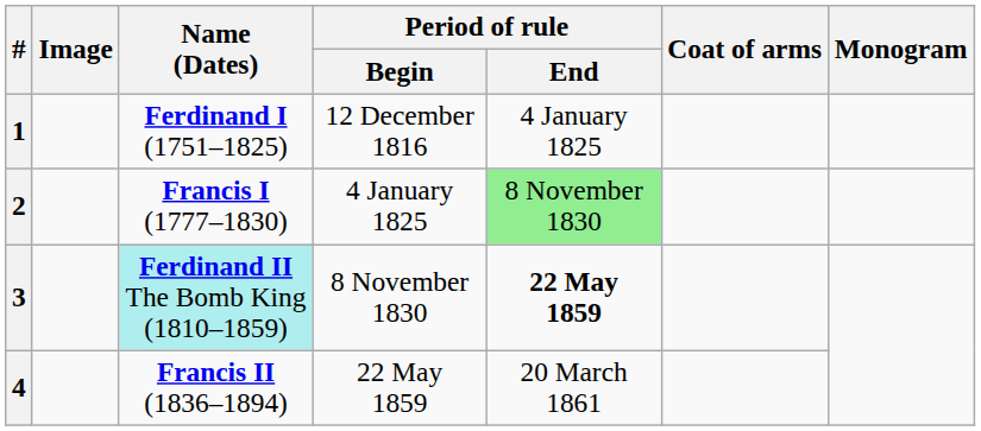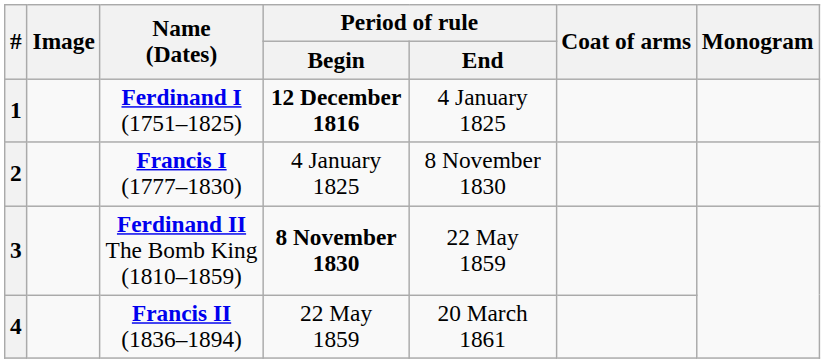 <table class="wikitable sortable" style="text-align:center;">
 <tr>
 <th scope="col" rowspan="2">#</th>
 <th scope="col" rowspan="2" class="unsortable">Image</th>
 <th scope="col" rowspan="2">Name<br>(Dates)</th>
 <th scope="col" colspan="2">Period of rule</th>
 <th scope="col" rowspan="2" class="unsortable">Coat of arms</th>
 <th scope="col" rowspan="2" class="unsortable">Monogram</th>
 </tr>
 <tr>
 <th scope="col" width="18%">Begin</th>
 <th scope="col" width="18%">End</th>
 </tr>
 <tr>
 <th scope="row">1</th>
 <td></td>
 <td><strong><a href='#'>Ferdinand I</a></strong><br>(1751–1825)</td>
-<td>12 December<br>1816</td>
+<td><strong>12 December<br>1816</strong></td>
 <td>4 January<br>1825</td>
 <td align="center"></td>
 </tr>
 <tr>
 <th scope="row">2</th>
 <td></td>
 <td><strong><a href='#'>Francis I</a></strong><br>(1777–1830)</td>
 <td>4 January<br>1825</td>
-<td style="background: lightgreen;">8 November<br>1830</td>
+<td>8 November<br>1830</td>
 <td align="center"></td>
 <td align="center"></td>
 </tr>
 <tr>
 <th scope="row">3</th>
 <td></td>
-<td style="background: paleturquoise;"><strong><a href='#'>Ferdinand II</a></strong><br>The Bomb King<br>(1810–1859)</td>
-<td>8 November<br>1830</td>
-<td><strong>22 May<br>1859</strong></td>
+<td><strong><a href='#'>Ferdinand II</a></strong><br>The Bomb King<br>(1810–1859)</td>
+<td><strong>8 November<br>1830</strong></td>
+<td>22 May<br>1859</td>
 <td align="center"></td>
 </tr>
 <tr>
 <th scope="row">4</th>
 <td></td>
 <td><strong><a href='#'>Francis II</a></strong><br>(1836–1894)</td>
 <td>22 May<br>1859</td>
 <td>20 March<br>1861</td>
 <td align="center"></td>
 </tr>
 </table>
